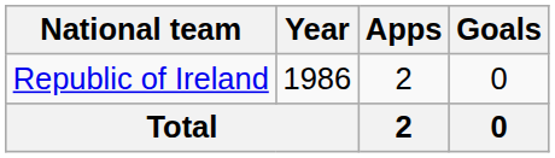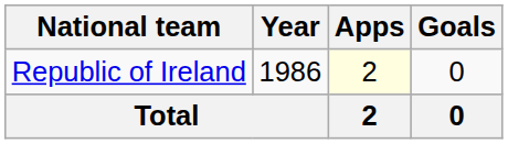 <table class=wikitable style="text-align: center">
 <tr>
 <th>National team</th>
 <th>Year</th>
 <th>Apps</th>
 <th>Goals</th>
 </tr>
 <tr>
 <td><a href='#'>Republic of Ireland</a></td>
 <td>1986</td>
-<td>2</td>
+<td style="background: lightyellow;">2</td>
 <td>0</td>
 </tr>
 <tr>
 <th colspan=2>Total</th>
 <th>2</th>
 <th>0</th>
 </tr>
 </table>
